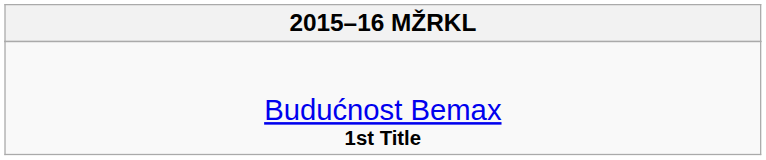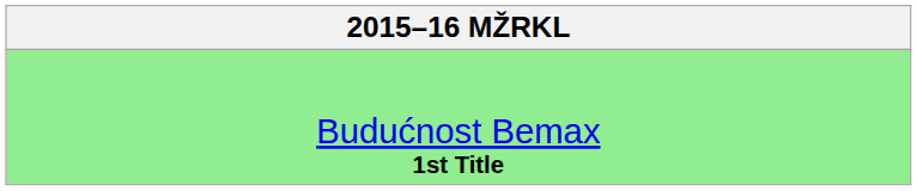 <table class="wikitable" style="margin: 0 auto; width: 30%;">
 <tr>
 <th><big>2015–16 MŽRKL</big><br></th>
 </tr>
 <tr>
 </tr>
 <tr>
-<td align=center><br><br><big><big><a href='#'>Budućnost Bemax</a><br></big></big><strong>1st Title</strong></td>
+<td align=center style="background: lightgreen;"><br><br><big><big><a href='#'>Budućnost Bemax</a><br></big></big><strong>1st Title</strong></td>
 </tr>
 </table>
